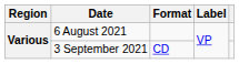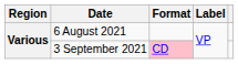 <table class="wikitable plainrowheaders">
 <tr>
 <th scope="col">Region</th>
 <th scope="col">Date</th>
 <th scope="col">Format</th>
 <th scope="col">Label</th>
 <th scope="col"></th>
 </tr>
 <tr>
 <th scope="row" rowspan="2">Various</th>
 <td>6 August 2021</td>
 <td></td>
 <td rowspan="2"><a href='#'>VP</a></td>
 <td align="center"></td>
 </tr>
 <tr>
 <td>3 September 2021</td>
-<td><a href='#'>CD</a></td>
+<td style="background: pink;"><a href='#'>CD</a></td>
 <td align="center"></td>
 </tr>
 </table>
